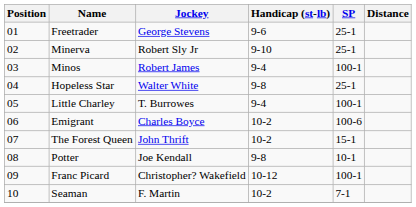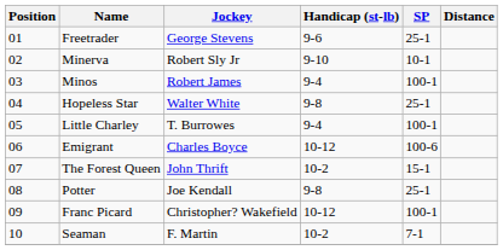 <table class="wikitable sortable">
 <tr>
 <th data-sort-type="number"><strong>Position</strong></th>
 <th>Name</th>
 <th><a href='#'>Jockey</a></th>
 <th>Handicap (<a href='#'>st</a>-<a href='#'>lb</a>)</th>
 <th><a href='#'>SP</a></th>
 <th>Distance</th>
 </tr>
 <tr>
 <td>01</td>
 <td>Freetrader</td>
 <td><a href='#'>George Stevens</a></td>
 <td>9-6</td>
 <td>25-1</td>
 <td></td>
 </tr>
 <tr>
 <td>02</td>
 <td>Minerva</td>
 <td>Robert Sly Jr</td>
 <td>9-10</td>
-<td>25-1</td>
+<td>10-1</td>
 <td></td>
 </tr>
 <tr>
 <td>03</td>
 <td>Minos</td>
 <td><a href='#'>Robert James</a></td>
 <td>9-4</td>
 <td>100-1</td>
 <td></td>
 </tr>
 <tr>
 <td>04</td>
 <td>Hopeless Star</td>
 <td><a href='#'>Walter White</a></td>
 <td>9-8</td>
 <td>25-1</td>
 <td></td>
 </tr>
 <tr>
 <td>05</td>
 <td>Little Charley</td>
 <td>T. Burrowes</td>
 <td>9-4</td>
 <td>100-1</td>
 <td></td>
 </tr>
 <tr>
 <td>06</td>
 <td>Emigrant</td>
 <td><a href='#'>Charles Boyce</a></td>
-<td>10-2</td>
+<td>10-12</td>
 <td>100-6</td>
 <td></td>
 </tr>
 <tr>
 <td>07</td>
 <td>The Forest Queen</td>
 <td><a href='#'>John Thrift</a></td>
 <td>10-2</td>
 <td>15-1</td>
 <td></td>
 </tr>
 <tr>
 <td>08</td>
 <td>Potter</td>
 <td>Joe Kendall</td>
 <td>9-8</td>
-<td>10-1</td>
+<td>25-1</td>
 <td></td>
 </tr>
 <tr>
 <td>09</td>
 <td>Franc Picard</td>
 <td>Christopher? Wakefield</td>
 <td>10-12</td>
 <td>100-1</td>
 <td></td>
 </tr>
 <tr>
 <td>10</td>
 <td>Seaman</td>
 <td>F. Martin</td>
 <td>10-2</td>
 <td>7-1</td>
 <td></td>
 </tr>
 <tr>
 </tr>
 </table>
